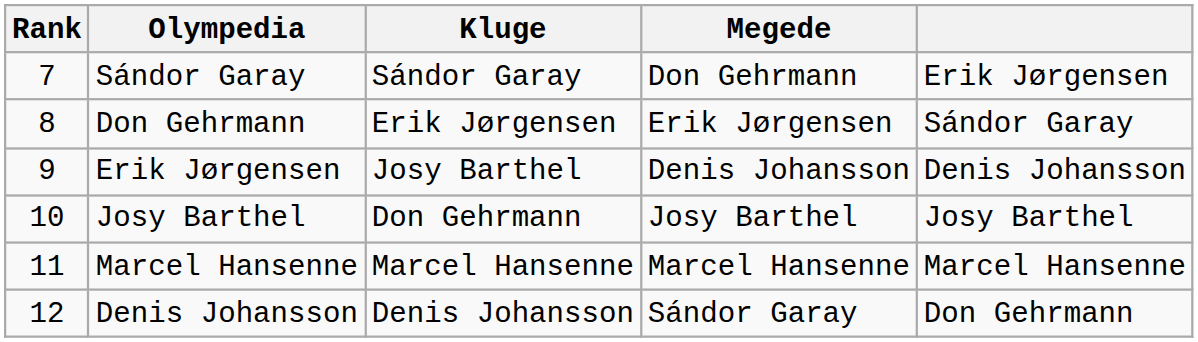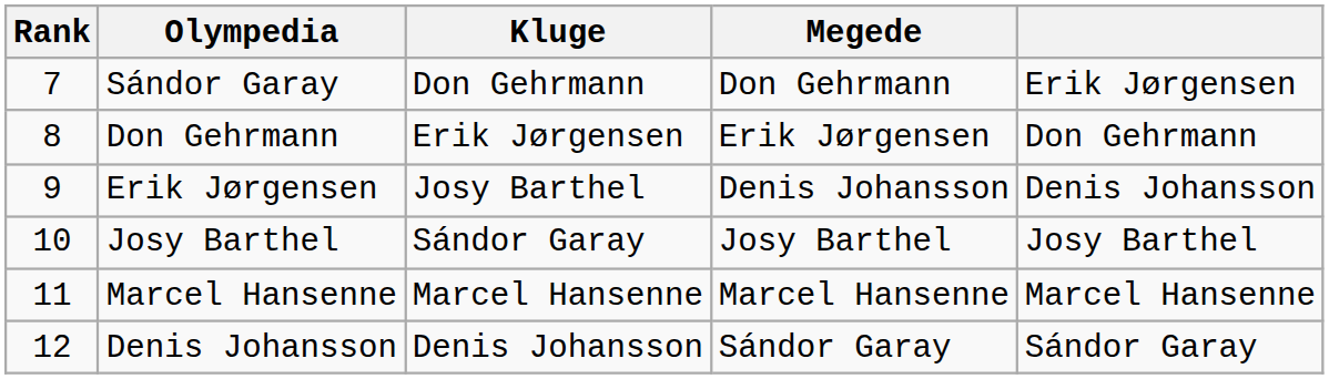 <table class="wikitable sortable" style="text-align:left">
 <tr>
 <th>Rank</th>
 <th>Olympedia</th>
 <th>Kluge</th>
 <th>Megede</th>
 <th></th>
 </tr>
 <tr>
 <td align=center>7</td>
 <td>Sándor Garay</td>
-<td>Sándor Garay</td>
+<td>Don Gehrmann</td>
 <td>Don Gehrmann</td>
 <td>Erik Jørgensen</td>
 </tr>
 <tr>
 <td align=center>8</td>
 <td>Don Gehrmann</td>
 <td>Erik Jørgensen</td>
 <td>Erik Jørgensen</td>
-<td>Sándor Garay</td>
+<td>Don Gehrmann</td>
 </tr>
 <tr>
 <td align=center>9</td>
 <td>Erik Jørgensen</td>
 <td>Josy Barthel</td>
 <td>Denis Johansson</td>
 <td>Denis Johansson</td>
 </tr>
 <tr>
 <td align=center>10</td>
 <td>Josy Barthel</td>
-<td>Don Gehrmann</td>
+<td>Sándor Garay</td>
 <td>Josy Barthel</td>
 <td>Josy Barthel</td>
 </tr>
 <tr>
 <td align=center>11</td>
 <td>Marcel Hansenne</td>
 <td>Marcel Hansenne</td>
 <td>Marcel Hansenne</td>
 <td>Marcel Hansenne</td>
 </tr>
 <tr>
 <td align=center>12</td>
 <td>Denis Johansson</td>
 <td>Denis Johansson</td>
 <td>Sándor Garay</td>
-<td>Don Gehrmann</td>
+<td>Sándor Garay</td>
 </tr>
 </table>
